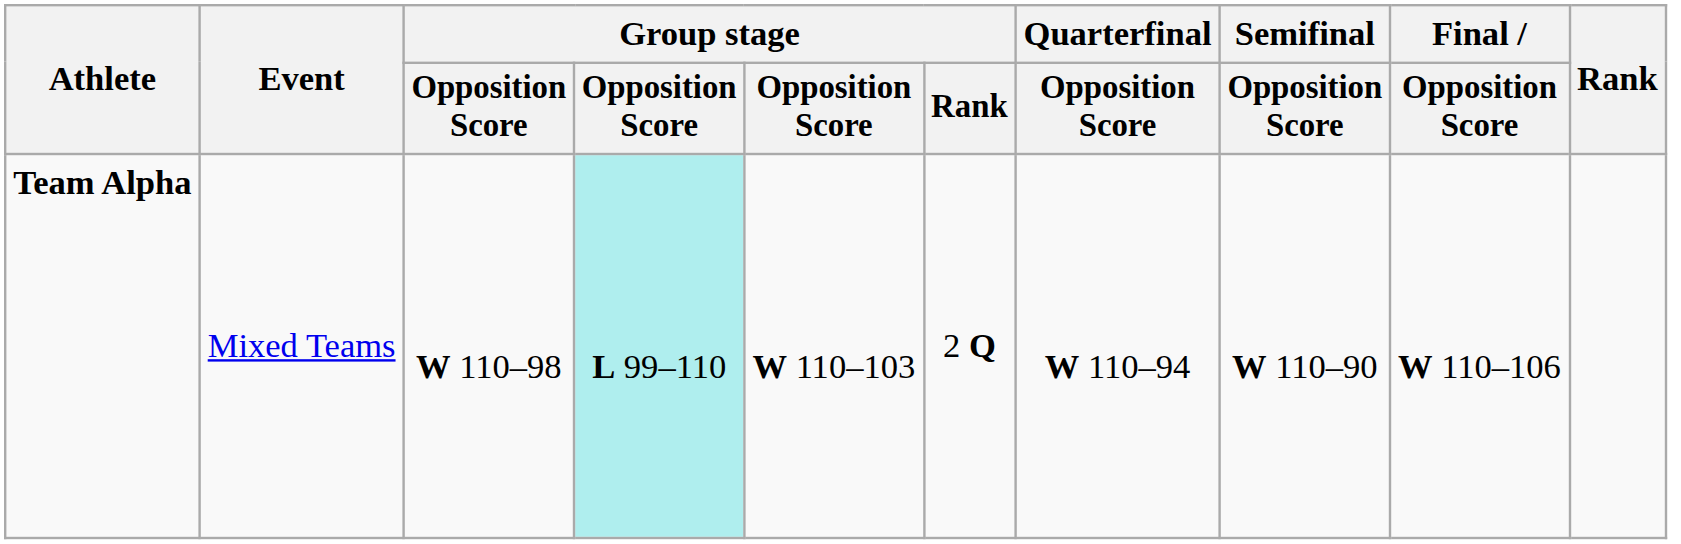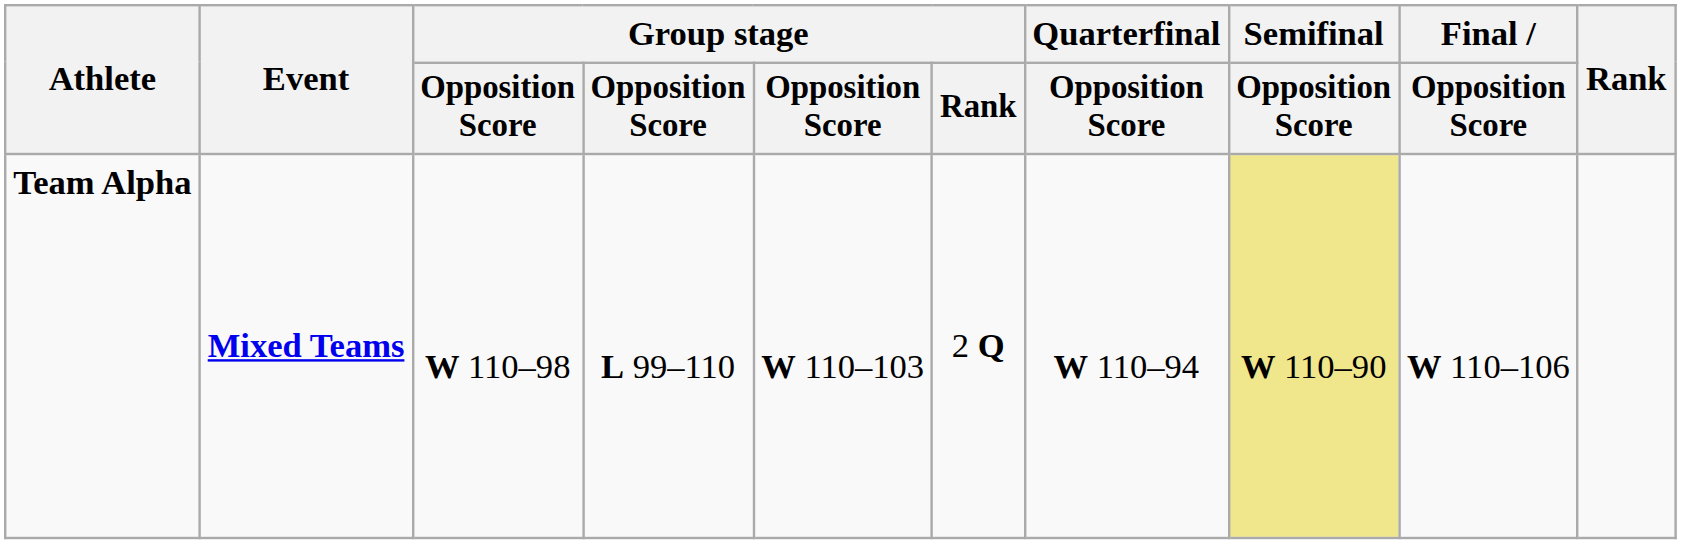 <table class="wikitable" style="font-size:90%">
 <tr>
 <th rowspan=2>Athlete</th>
 <th rowspan=2>Event</th>
 <th colspan=4>Group stage</th>
 <th>Quarterfinal</th>
 <th>Semifinal</th>
 <th>Final / </th>
 <th rowspan=2>Rank</th>
 </tr>
 <tr style="font-size:95%">
 <th>Opposition<br>Score</th>
 <th>Opposition<br>Score</th>
 <th>Opposition<br>Score</th>
 <th>Rank</th>
 <th>Opposition<br>Score</th>
 <th>Opposition<br>Score</th>
 <th>Opposition<br>Score</th>
 </tr>
 <tr align=center>
 <td align=left><strong>Team Alpha</strong><br><strong></strong><br><br><br><br><br><br><br><br></td>
-<td align=left><a href='#'>Mixed Teams</a></td>
+<td align=left><strong><a href='#'>Mixed Teams</a></strong></td>
 <td><br><strong>W</strong> 110–98</td>
-<td style="background: paleturquoise;"><br><strong>L</strong> 99–110</td>
+<td><br><strong>L</strong> 99–110</td>
 <td><br><strong>W</strong> 110–103</td>
 <td>2 <strong>Q</strong></td>
 <td><br><strong>W</strong> 110–94</td>
-<td><br><strong>W</strong> 110–90</td>
+<td style="background: khaki;"><br><strong>W</strong> 110–90</td>
 <td><br><strong>W</strong> 110–106</td>
 <td></td>
 </tr>
 </table>
